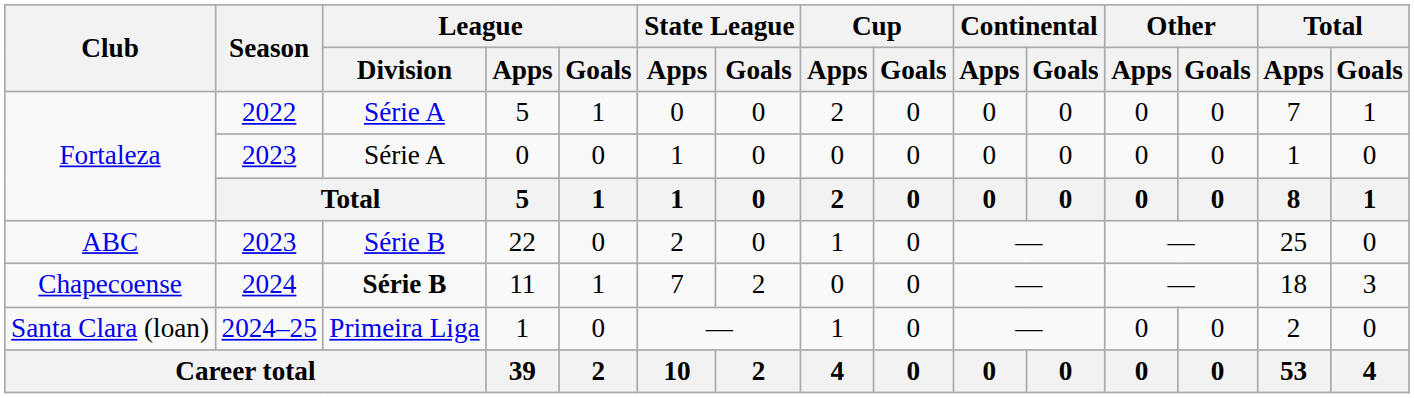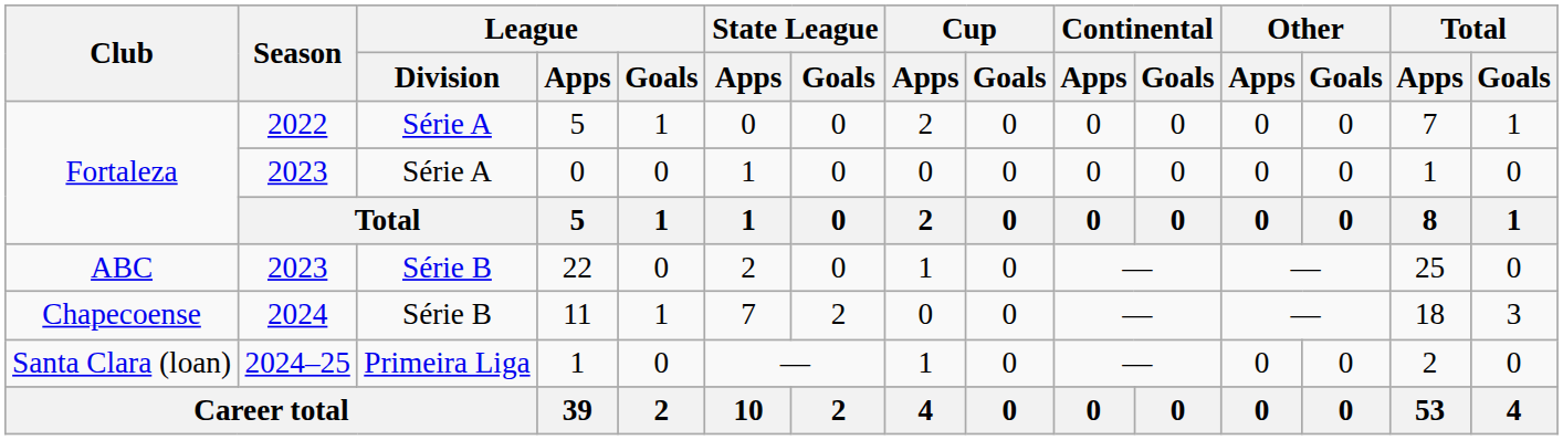 <table class="wikitable" style="text-align: center">
 <tr>
 <th rowspan="2">Club</th>
 <th rowspan="2">Season</th>
 <th colspan="3">League</th>
 <th colspan="2">State League</th>
 <th colspan="2">Cup</th>
 <th colspan="2">Continental</th>
 <th colspan="2">Other</th>
 <th colspan="2">Total</th>
 </tr>
 <tr>
 <th>Division</th>
 <th>Apps</th>
 <th>Goals</th>
 <th>Apps</th>
 <th>Goals</th>
 <th>Apps</th>
 <th>Goals</th>
 <th>Apps</th>
 <th>Goals</th>
 <th>Apps</th>
 <th>Goals</th>
 <th>Apps</th>
 <th>Goals</th>
 </tr>
 <tr>
 <td rowspan="3"><a href='#'>Fortaleza</a></td>
 <td><a href='#'>2022</a></td>
 <td><a href='#'>Série A</a></td>
 <td>5</td>
 <td>1</td>
 <td>0</td>
 <td>0</td>
 <td>2</td>
 <td>0</td>
 <td>0</td>
 <td>0</td>
 <td>0</td>
 <td>0</td>
 <td>7</td>
 <td>1</td>
 </tr>
 <tr>
 <td><a href='#'>2023</a></td>
 <td>Série A</td>
 <td>0</td>
 <td>0</td>
 <td>1</td>
 <td>0</td>
 <td>0</td>
 <td>0</td>
 <td>0</td>
 <td>0</td>
 <td>0</td>
 <td>0</td>
 <td>1</td>
 <td>0</td>
 </tr>
 <tr>
 <th colspan="2">Total</th>
 <th>5</th>
 <th>1</th>
 <th>1</th>
 <th>0</th>
 <th>2</th>
 <th>0</th>
 <th>0</th>
 <th>0</th>
 <th>0</th>
 <th>0</th>
 <th>8</th>
 <th>1</th>
 </tr>
 <tr>
 <td><a href='#'>ABC</a></td>
 <td><a href='#'>2023</a></td>
 <td><a href='#'>Série B</a></td>
 <td>22</td>
 <td>0</td>
 <td>2</td>
 <td>0</td>
 <td>1</td>
 <td>0</td>
 <td colspan="2">—</td>
 <td colspan="2">—</td>
 <td>25</td>
 <td>0</td>
 </tr>
 <tr>
 <td><a href='#'>Chapecoense</a></td>
 <td><a href='#'>2024</a></td>
-<td><strong>Série B</strong></td>
+<td>Série B</td>
 <td>11</td>
 <td>1</td>
 <td>7</td>
 <td>2</td>
 <td>0</td>
 <td>0</td>
 <td colspan="2">—</td>
 <td colspan="2">—</td>
 <td>18</td>
 <td>3</td>
 </tr>
 <tr>
 <td><a href='#'>Santa Clara</a> (loan)</td>
 <td><a href='#'>2024–25</a></td>
 <td><a href='#'>Primeira Liga</a></td>
 <td>1</td>
 <td>0</td>
 <td colspan="2">—</td>
 <td>1</td>
 <td>0</td>
 <td colspan="2">—</td>
 <td>0</td>
 <td>0</td>
 <td>2</td>
 <td>0</td>
 </tr>
 <tr>
 <th colspan="3">Career total</th>
 <th>39</th>
 <th>2</th>
 <th>10</th>
 <th>2</th>
 <th>4</th>
 <th>0</th>
 <th>0</th>
 <th>0</th>
 <th>0</th>
 <th>0</th>
 <th>53</th>
 <th>4</th>
 </tr>
 </table>
